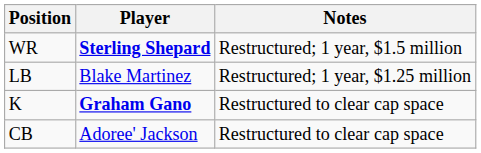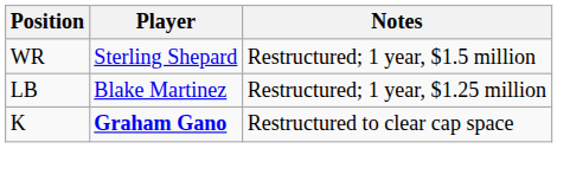 <table class="wikitable">
 <tr>
 <th>Position</th>
 <th>Player</th>
 <th>Notes</th>
 </tr>
 <tr>
 <td>WR</td>
-<td><strong><a href='#'>Sterling Shepard</a></strong></td>
+<td><a href='#'>Sterling Shepard</a></td>
 <td>Restructured; 1 year, $1.5 million</td>
 </tr>
 <tr>
 <td>LB</td>
 <td><a href='#'>Blake Martinez</a></td>
 <td>Restructured; 1 year, $1.25 million</td>
 </tr>
 <tr>
 <td>K</td>
 <td><strong><a href='#'>Graham Gano</a></strong></td>
 <td>Restructured to clear cap space</td>
 </tr>
-<tr>
-<td>CB</td>
-<td><a href='#'>Adoree' Jackson</a></td>
-<td>Restructured to clear cap space</td>
-</tr>
 </table>
